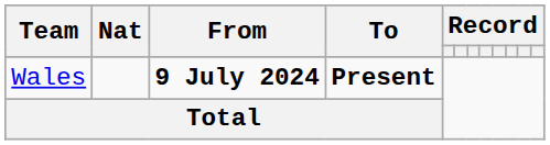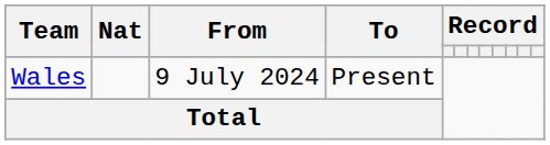 <table class="wikitable" style="text-align: center'">
 <tr>
 <th rowspan="2">Team</th>
 <th rowspan="2">Nat</th>
 <th rowspan="2">From</th>
 <th rowspan="2">To</th>
 <th colspan="8">Record</th>
 </tr>
 <tr>
 <th></th>
 <th></th>
 <th></th>
 <th></th>
 <th></th>
 <th></th>
 <th></th>
 <th></th>
 </tr>
 <tr>
 <td align=left><a href='#'>Wales</a></td>
 <td></td>
-<td align=left><strong>9 July 2024</strong></td>
-<td align=left><strong>Present<br></strong></td>
+<td align=left>9 July 2024</td>
+<td align=left>Present<br></td>
 </tr>
 <tr>
 <th colspan="4">Total<br></th>
 </tr>
 </table>
